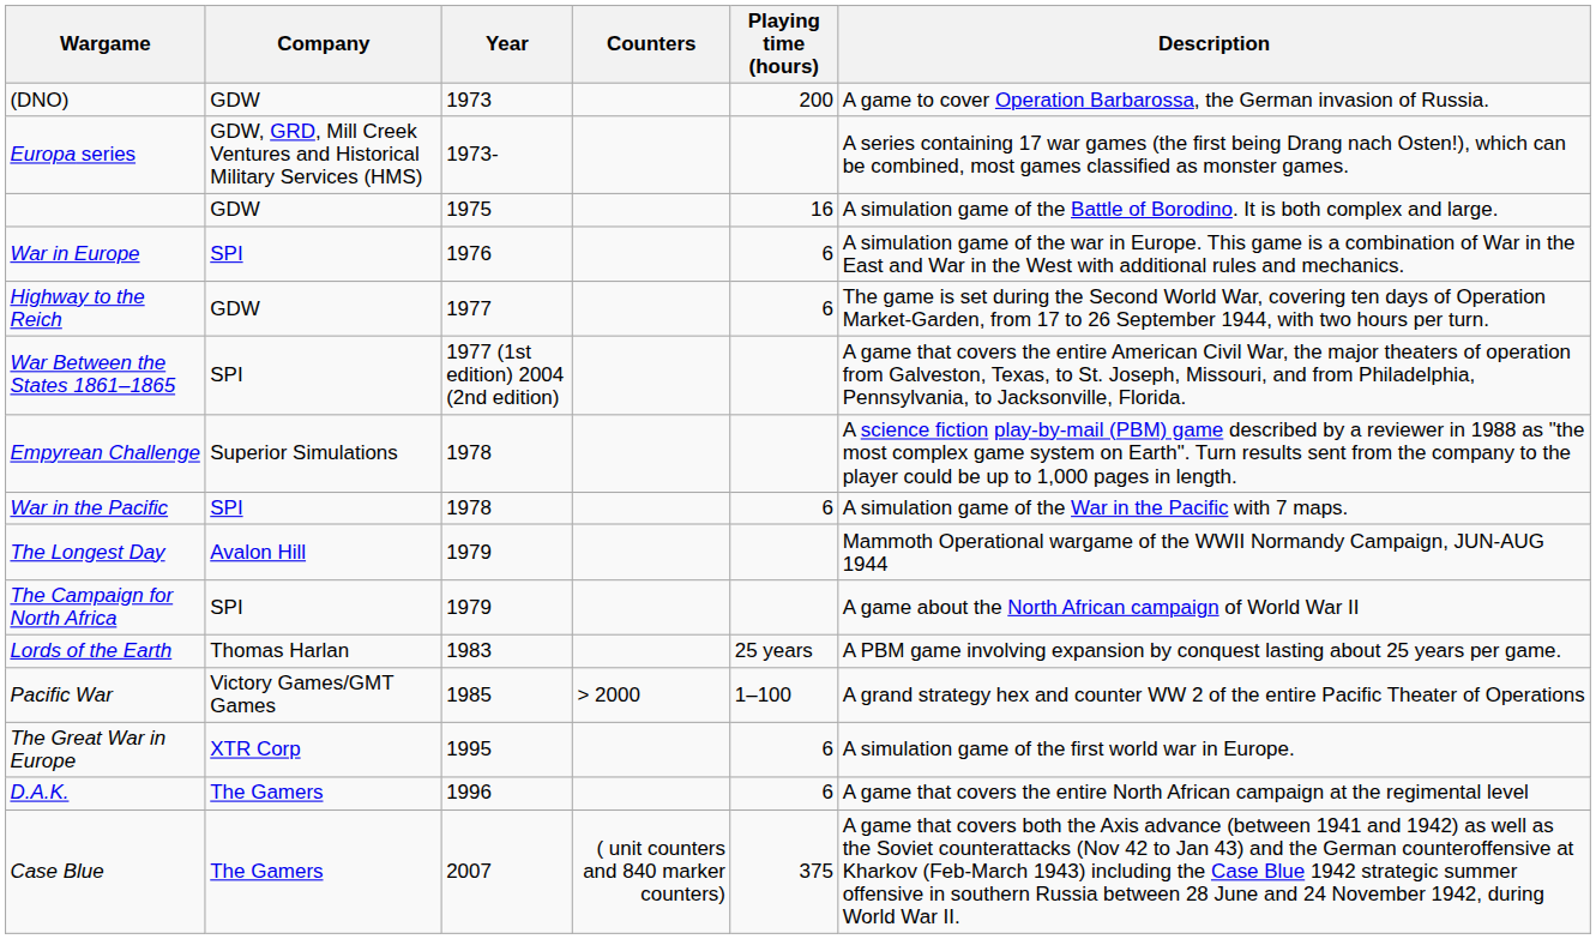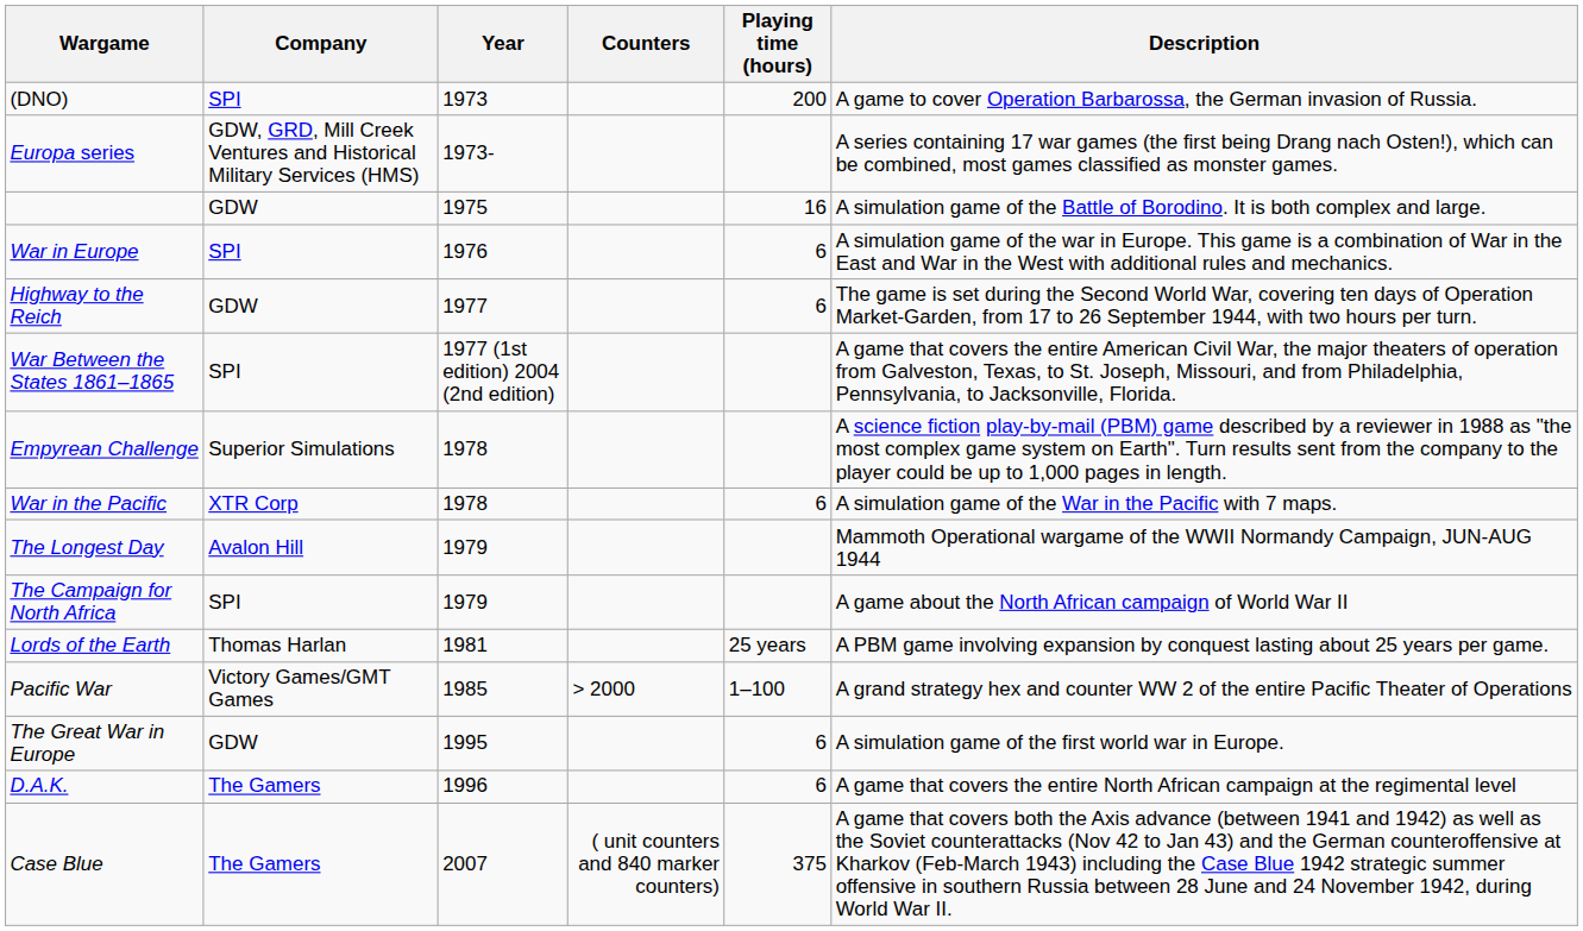 <table class="wikitable sortable" border="1">
 <tr>
 <th style="width: 150px;">Wargame</th>
 <th>Company</th>
 <th>Year</th>
 <th>Counters</th>
 <th>Playing time (hours)</th>
 <th>Description</th>
 </tr>
 <tr>
 <td> (DNO)</td>
-<td>GDW</td>
+<td><a href='#'>SPI</a></td>
 <td>1973</td>
 <td style="text-align:right;"></td>
 <td style="text-align:right;">200</td>
 <td>A game to cover <a href='#'>Operation Barbarossa</a>, the German invasion of Russia.</td>
 </tr>
 <tr>
 <td><a href='#'><em>Europa</em> series</a></td>
 <td>GDW, <a href='#'>GRD</a>, Mill Creek Ventures and Historical Military Services (HMS)</td>
 <td>1973-</td>
 <td></td>
 <td></td>
 <td>A series containing 17 war games (the first being Drang nach Osten!), which can be combined, most games classified as monster games.</td>
 </tr>
 <tr>
 <td></td>
 <td>GDW</td>
 <td>1975</td>
 <td style="text-align:right;"></td>
 <td style="text-align:right;">16</td>
 <td>A simulation game of the <a href='#'>Battle of Borodino</a>. It is both complex and large.</td>
 </tr>
 <tr>
 <td><em><a href='#'>War in Europe</a></em></td>
 <td><a href='#'>SPI</a></td>
 <td>1976</td>
 <td style="text-align:right;"></td>
 <td style="text-align:right;">6</td>
 <td>A simulation game of the war in Europe. This game is a combination of War in the East and War in the West with additional rules and mechanics.</td>
 </tr>
 <tr>
 <td><em><a href='#'>Highway to the Reich</a></em></td>
 <td>GDW</td>
 <td>1977</td>
 <td style="text-align:right;"></td>
 <td style="text-align:right;">6</td>
 <td>The game is set during the Second World War, covering ten days of Operation Market-Garden, from 17 to 26 September 1944, with two hours per turn.</td>
 </tr>
 <tr>
 <td><em><a href='#'>War Between the States 1861–1865</a></em></td>
 <td>SPI</td>
 <td>1977 (1st edition) 2004 (2nd edition)</td>
 <td style="text-align:right;"></td>
 <td style="text-align:right;"></td>
 <td>A game that covers the entire American Civil War, the major theaters of operation from Galveston, Texas, to St. Joseph, Missouri, and from Philadelphia, Pennsylvania, to Jacksonville, Florida.</td>
 </tr>
 <tr>
 <td><em><a href='#'>Empyrean Challenge</a></em></td>
 <td>Superior Simulations</td>
 <td>1978</td>
 <td></td>
 <td></td>
 <td>A <a href='#'>science fiction</a> <a href='#'>play-by-mail (PBM) game</a> described by a reviewer in 1988 as "the most complex game system on Earth". Turn results sent from the company to the player could be up to 1,000 pages in length.</td>
 </tr>
 <tr>
 <td><em><a href='#'>War in the Pacific</a></em></td>
-<td><a href='#'>SPI</a></td>
+<td><a href='#'>XTR Corp</a></td>
 <td>1978</td>
 <td style="text-align:right;"></td>
 <td style="text-align:right;">6</td>
 <td>A simulation game of the <a href='#'>War in the Pacific</a> with 7 maps.</td>
 </tr>
 <tr>
 <td><em><a href='#'>The Longest Day</a></em></td>
 <td><a href='#'>Avalon Hill</a></td>
 <td>1979</td>
 <td style="text-align:right;"></td>
 <td style="text-align:right;"></td>
 <td>Mammoth Operational wargame of the WWII Normandy Campaign, JUN-AUG 1944</td>
 </tr>
 <tr>
 <td><em><a href='#'>The Campaign for North Africa</a></em></td>
 <td>SPI</td>
 <td>1979</td>
 <td style="text-align:right;"></td>
 <td style="text-align:right;"></td>
 <td>A game about the <a href='#'>North African campaign</a> of World War II</td>
 </tr>
 <tr>
 <td><em><a href='#'>Lords of the Earth</a></em></td>
 <td>Thomas Harlan</td>
-<td>1983</td>
+<td>1981</td>
 <td></td>
 <td>25 years</td>
 <td>A PBM game involving expansion by conquest lasting about 25 years per game.</td>
 </tr>
 <tr>
 <td><em>Pacific War</em></td>
 <td>Victory Games/GMT Games</td>
 <td>1985</td>
 <td>> 2000</td>
 <td>1–100</td>
 <td>A grand strategy hex and counter WW 2 of the entire Pacific Theater of Operations</td>
 </tr>
 <tr>
 <td><em>The Great War in Europe</em></td>
-<td><a href='#'>XTR Corp</a></td>
+<td>GDW</td>
 <td>1995</td>
 <td style="text-align:right;"></td>
 <td style="text-align:right;">6</td>
 <td>A simulation game of the first world war in Europe.</td>
 </tr>
 <tr>
 <td><em><a href='#'>D.A.K.</a></em></td>
 <td><a href='#'>The Gamers</a></td>
 <td>1996</td>
 <td style="text-align:right;"></td>
 <td style="text-align:right;">6</td>
 <td>A game that covers the entire North African campaign at the regimental level</td>
 </tr>
 <tr>
 <td><em>Case Blue</em></td>
 <td><a href='#'>The Gamers</a></td>
 <td>2007</td>
 <td style="text-align:right;"> ( unit counters and 840 marker counters)</td>
 <td style="text-align:right;">375</td>
 <td>A game that covers both the Axis advance (between 1941 and 1942) as well as the Soviet counterattacks (Nov 42 to Jan 43) and the German counteroffensive at Kharkov (Feb-March 1943) including the <a href='#'>Case Blue</a> 1942 strategic summer offensive in southern Russia between 28 June and 24 November 1942, during World War II.</td>
 </tr>
 </table>
